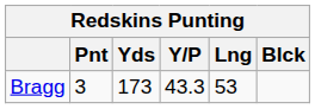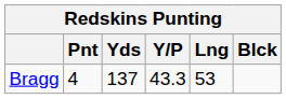 <table class="wikitable">
 <tr>
 <th colspan="6">Redskins Punting</th>
 </tr>
 <tr>
 <th></th>
 <th>Pnt</th>
 <th>Yds</th>
 <th>Y/P</th>
 <th>Lng</th>
 <th>Blck</th>
 </tr>
 <tr>
 <td><a href='#'>Bragg</a></td>
-<td>3</td>
-<td>173</td>
+<td>4</td>
+<td>137</td>
 <td>43.3</td>
 <td>53</td>
 </tr>
 </table>
